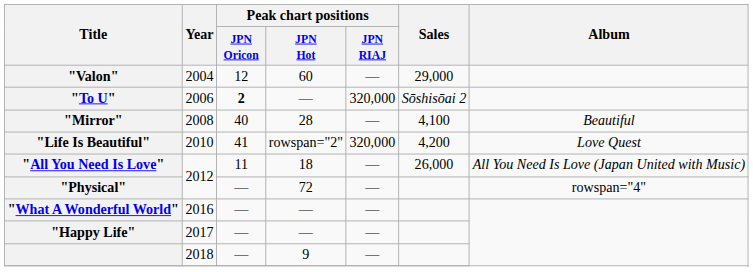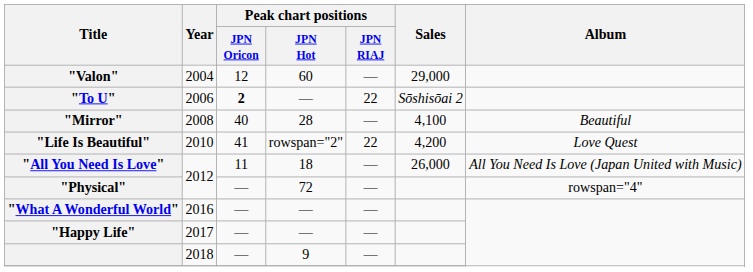 <table class="wikitable plainrowheaders" style="text-align:center;">
 <tr>
 <th rowspan="2">Title</th>
 <th rowspan="2">Year</th>
 <th colspan="3">Peak chart positions</th>
 <th rowspan="2">Sales</th>
 <th rowspan="2">Album</th>
 </tr>
 <tr>
 <th style="width:3em;"><small><a href='#'>JPN<br>Oricon</a></small></th>
 <th style="width:3em;"><small><a href='#'>JPN<br>Hot</a></small><br></th>
 <th style="width:3em;"><small><a href='#'>JPN<br>RIAJ</a></small><br></th>
 </tr>
 <tr>
 <th scope="row">"Valon"<br></th>
 <td>2004</td>
 <td>12</td>
 <td>60</td>
 <td>—</td>
 <td>29,000</td>
 <td></td>
 </tr>
 <tr>
 <th scope="row">"<a href='#'>To U</a>"<br></th>
 <td>2006</td>
 <td><strong>2</strong></td>
 <td>—</td>
-<td>320,000</td>
+<td>22</td>
 <td><em>Sōshisōai 2</em></td>
 </tr>
 <tr>
 <th scope="row">"Mirror"<br></th>
 <td>2008</td>
 <td>40</td>
 <td>28</td>
 <td>—</td>
 <td>4,100</td>
 <td><em>Beautiful</em></td>
 </tr>
 <tr>
 <th scope="row">"Life Is Beautiful"<br></th>
 <td>2010</td>
 <td>41</td>
 <td>rowspan="2" </td>
-<td>320,000</td>
+<td>22</td>
 <td>4,200</td>
 <td><em>Love Quest</em></td>
 </tr>
 <tr>
 <th scope="row">"<a href='#'>All You Need Is Love</a>"<br></th>
 <td rowspan="2">2012</td>
 <td>11</td>
 <td>18</td>
 <td>—</td>
 <td>26,000</td>
 <td><em>All You Need Is Love (Japan United with Music)</em></td>
 </tr>
 <tr>
 <th scope="row">"Physical"<br></th>
 <td>—</td>
 <td>72</td>
 <td>—</td>
 <td></td>
 <td>rowspan="4" </td>
 </tr>
 <tr>
 <th scope="row">"<a href='#'>What A Wonderful World</a>"<br></th>
 <td rowspan="1">2016</td>
 <td>—</td>
 <td>—</td>
 <td>—</td>
 <td></td>
 </tr>
 <tr>
 <th scope="row">"Happy Life"<br></th>
 <td rowspan="1">2017</td>
 <td>—</td>
 <td>—</td>
 <td>—</td>
 <td></td>
 </tr>
 <tr>
 <th scope="row"><br></th>
 <td>2018</td>
 <td>—</td>
 <td>9</td>
 <td>—</td>
 <td></td>
 </tr>
 <tr>
 </tr>
 </table>
